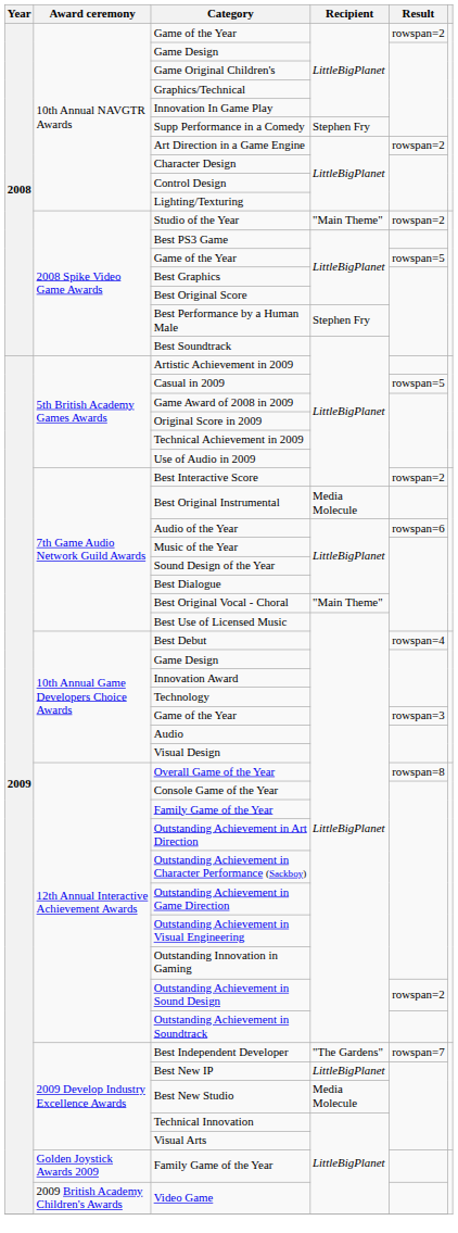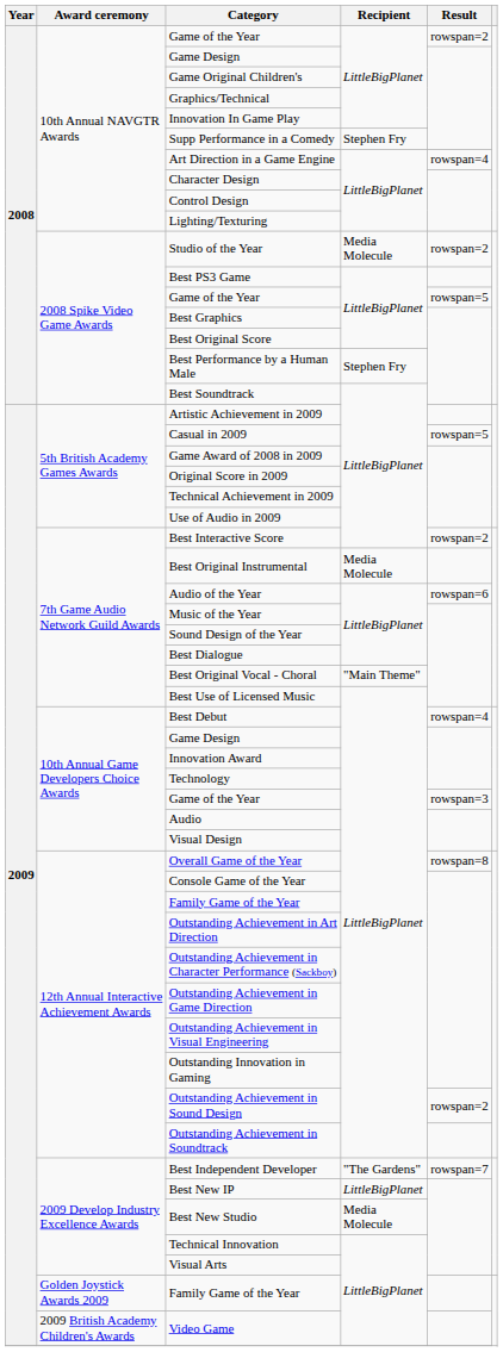 <table class="wikitable plainrowheaders sortable" width="auto">
 <tr>
 <th scope="col">Year</th>
 <th scope="col">Award ceremony</th>
 <th scope="col">Category</th>
 <th scope="col">Recipient</th>
 <th scope="col">Result</th>
 <th scope="col" class="unsortable"></th>
 </tr>
 <tr>
 <th scope="row" rowspan=17>2008</th>
 <td rowspan=10>10th Annual NAVGTR Awards</td>
 <td>Game of the Year</td>
 <td rowspan=5><em>LittleBigPlanet</em></td>
 <td>rowspan=2 </td>
 <td rowspan=10></td>
 </tr>
 <tr>
 <td>Game Design</td>
 </tr>
 <tr>
 <td>Game Original Children's</td>
 </tr>
 <tr>
 <td>Graphics/Technical</td>
 </tr>
 <tr>
 <td>Innovation In Game Play</td>
 </tr>
 <tr>
 <td>Supp Performance in a Comedy</td>
 <td>Stephen Fry</td>
 </tr>
 <tr>
 <td>Art Direction in a Game Engine</td>
 <td rowspan=4><em>LittleBigPlanet</em></td>
-<td>rowspan=2 </td>
+<td>rowspan=4 </td>
 </tr>
 <tr>
 <td>Character Design</td>
 </tr>
 <tr>
 <td>Control Design</td>
 </tr>
 <tr>
 <td>Lighting/Texturing</td>
 </tr>
 <tr>
 <td rowspan=7><a href='#'>2008 Spike Video Game Awards</a></td>
 <td>Studio of the Year</td>
-<td>"Main Theme"</td>
+<td>Media Molecule</td>
 <td>rowspan=2 </td>
 <td rowspan=7></td>
 </tr>
 <tr>
 <td>Best PS3 Game</td>
 <td rowspan=4><em>LittleBigPlanet</em></td>
 </tr>
 <tr>
 <td>Game of the Year</td>
 <td>rowspan=5 </td>
 </tr>
 <tr>
 <td>Best Graphics</td>
 </tr>
 <tr>
 <td>Best Original Score</td>
 </tr>
 <tr>
 <td>Best Performance by a Human Male</td>
 <td>Stephen Fry</td>
 </tr>
 <tr>
 <td>Best Soundtrack</td>
 <td rowspan=8><em>LittleBigPlanet</em></td>
 </tr>
 <tr>
 <th scope="row" rowspan=38>2009</th>
 <td rowspan=6><a href='#'>5th British Academy Games Awards</a></td>
 <td>Artistic Achievement in 2009</td>
 <td></td>
 <td rowspan=6></td>
 </tr>
 <tr>
 <td>Casual in 2009</td>
 <td>rowspan=5 </td>
 </tr>
 <tr>
 <td>Game Award of 2008 in 2009</td>
 </tr>
 <tr>
 <td>Original Score in 2009</td>
 </tr>
 <tr>
 <td>Technical Achievement in 2009</td>
 </tr>
 <tr>
 <td>Use of Audio in 2009</td>
 </tr>
 <tr>
 <td rowspan=8><a href='#'>7th Game Audio Network Guild Awards</a></td>
 <td>Best Interactive Score</td>
 <td>rowspan=2 </td>
 <td rowspan=8></td>
 </tr>
 <tr>
 <td>Best Original Instrumental</td>
 <td>Media Molecule</td>
 </tr>
 <tr>
 <td>Audio of the Year</td>
 <td rowspan=4><em>LittleBigPlanet</em></td>
 <td>rowspan=6 </td>
 </tr>
 <tr>
 <td>Music of the Year</td>
 </tr>
 <tr>
 <td>Sound Design of the Year</td>
 </tr>
 <tr>
 <td>Best Dialogue</td>
 </tr>
 <tr>
 <td>Best Original Vocal - Choral</td>
 <td>"Main Theme"</td>
 </tr>
 <tr>
 <td>Best Use of Licensed Music</td>
 <td rowspan=18><em>LittleBigPlanet</em></td>
 </tr>
 <tr>
 <td rowspan=7><a href='#'>10th Annual Game Developers Choice Awards</a></td>
 <td>Best Debut</td>
 <td>rowspan=4 </td>
 <td rowspan=7></td>
 </tr>
 <tr>
 <td>Game Design</td>
 </tr>
 <tr>
 <td>Innovation Award</td>
 </tr>
 <tr>
 <td>Technology</td>
 </tr>
 <tr>
 <td>Game of the Year</td>
 <td>rowspan=3 </td>
 </tr>
 <tr>
 <td>Audio</td>
 </tr>
 <tr>
 <td>Visual Design</td>
 </tr>
 <tr>
 <td rowspan=10><a href='#'>12th Annual Interactive Achievement Awards</a></td>
 <td><a href='#'>Overall Game of the Year</a></td>
 <td>rowspan=8 </td>
 <td rowspan=10></td>
 </tr>
 <tr>
 <td>Console Game of the Year</td>
 </tr>
 <tr>
 <td><a href='#'>Family Game of the Year</a></td>
 </tr>
 <tr>
 <td><a href='#'>Outstanding Achievement in Art Direction</a></td>
 </tr>
 <tr>
 <td><a href='#'>Outstanding Achievement in Character Performance</a> <small>(<a href='#'>Sackboy</a>)</small></td>
 </tr>
 <tr>
 <td><a href='#'>Outstanding Achievement in Game Direction</a></td>
 </tr>
 <tr>
 <td><a href='#'>Outstanding Achievement in Visual Engineering</a></td>
 </tr>
 <tr>
 <td>Outstanding Innovation in Gaming</td>
 </tr>
 <tr>
 <td><a href='#'>Outstanding Achievement in Sound Design</a></td>
 <td>rowspan=2 </td>
 </tr>
 <tr>
 <td><a href='#'>Outstanding Achievement in Soundtrack</a></td>
 </tr>
 <tr>
 <td rowspan=5><a href='#'>2009 Develop Industry Excellence Awards</a></td>
 <td>Best Independent Developer</td>
 <td>"The Gardens"</td>
 <td>rowspan=7 </td>
 <td rowspan=5></td>
 </tr>
 <tr>
 <td>Best New IP</td>
 <td><em>LittleBigPlanet</em></td>
 </tr>
 <tr>
 <td>Best New Studio</td>
 <td>Media Molecule</td>
 </tr>
 <tr>
 <td>Technical Innovation</td>
 <td rowspan=4><em>LittleBigPlanet</em></td>
 </tr>
 <tr>
 <td>Visual Arts</td>
 </tr>
 <tr>
 <td><a href='#'>Golden Joystick Awards 2009</a></td>
 <td>Family Game of the Year</td>
 <td></td>
 </tr>
 <tr>
 <td>2009 <a href='#'>British Academy Children's Awards</a></td>
 <td><a href='#'>Video Game</a></td>
 <td></td>
 </tr>
 <tr>
 </tr>
 </table>
